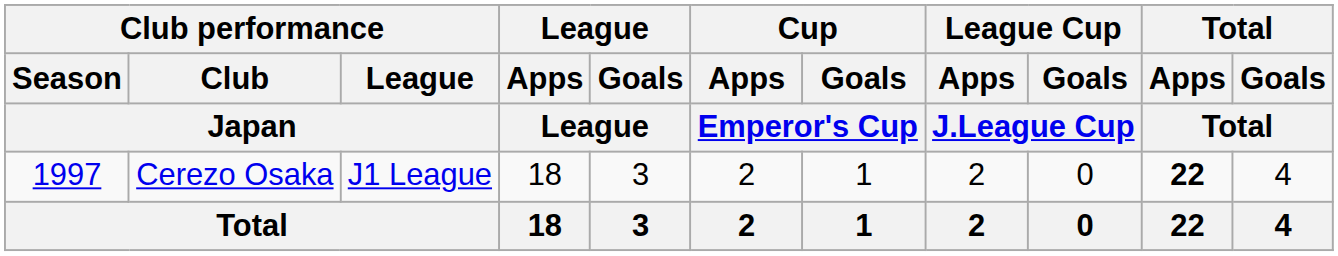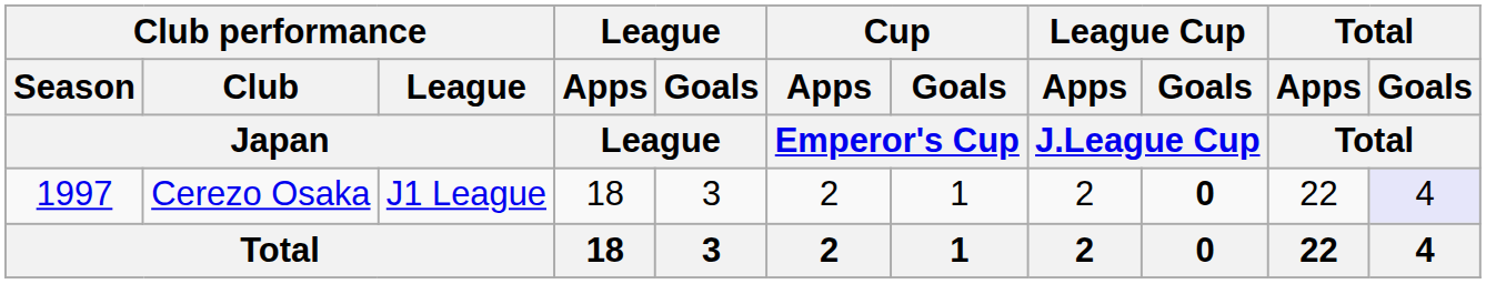 <table class="wikitable" style="text-align:center;">
 <tr>
 <th colspan=3>Club performance</th>
 <th colspan=2>League</th>
 <th colspan=2>Cup</th>
 <th colspan=2>League Cup</th>
 <th colspan=2>Total</th>
 </tr>
 <tr>
 <th>Season</th>
 <th>Club</th>
 <th>League</th>
 <th>Apps</th>
 <th>Goals</th>
 <th>Apps</th>
 <th>Goals</th>
 <th>Apps</th>
 <th>Goals</th>
 <th>Apps</th>
 <th>Goals</th>
 </tr>
 <tr>
 <th colspan=3>Japan</th>
 <th colspan=2>League</th>
 <th colspan=2><a href='#'>Emperor's Cup</a></th>
 <th colspan=2><a href='#'>J.League Cup</a></th>
 <th colspan=2>Total</th>
 </tr>
 <tr>
 <td><a href='#'>1997</a></td>
 <td><a href='#'>Cerezo Osaka</a></td>
 <td><a href='#'>J1 League</a></td>
 <td>18</td>
 <td>3</td>
 <td>2</td>
 <td>1</td>
 <td>2</td>
-<td>0</td>
-<td><strong>22</strong></td>
-<td>4</td>
+<td><strong>0</strong></td>
+<td>22</td>
+<td style="background: lavender;">4</td>
 </tr>
 <tr>
 <th colspan=3>Total</th>
 <th>18</th>
 <th>3</th>
 <th>2</th>
 <th>1</th>
 <th>2</th>
 <th>0</th>
 <th>22</th>
 <th>4</th>
 </tr>
 </table>
